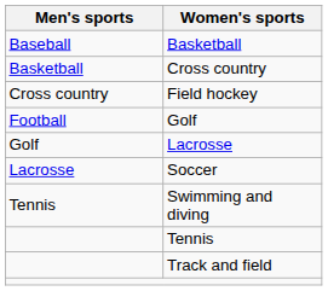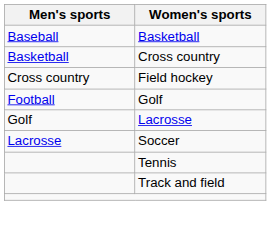 <table class="wikitable"; style= "text-align: ">
 <tr>
 <th width=150px>Men's sports</th>
 <th width=150px>Women's sports</th>
 </tr>
 <tr>
 <td><a href='#'>Baseball</a></td>
 <td><a href='#'>Basketball</a></td>
 </tr>
 <tr>
 <td><a href='#'>Basketball</a></td>
 <td>Cross country</td>
 </tr>
 <tr>
 <td>Cross country</td>
 <td>Field hockey</td>
 </tr>
 <tr>
 <td><a href='#'>Football</a></td>
 <td>Golf</td>
 </tr>
 <tr>
 <td>Golf</td>
 <td><a href='#'>Lacrosse</a></td>
 </tr>
 <tr>
 <td><a href='#'>Lacrosse</a></td>
 <td>Soccer</td>
 </tr>
 <tr>
-<td>Tennis</td>
-<td>Swimming and diving</td>
-</tr>
-<tr>
 <td></td>
 <td>Tennis</td>
 </tr>
 <tr>
 <td></td>
 <td>Track and field</td>
 </tr>
 <tr>
 <td colspan="2"></td>
 </tr>
 </table>
